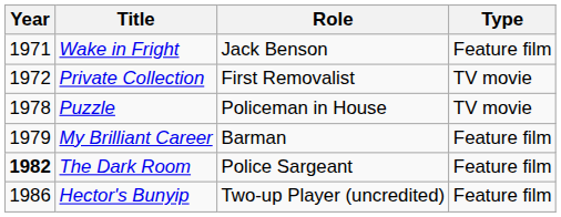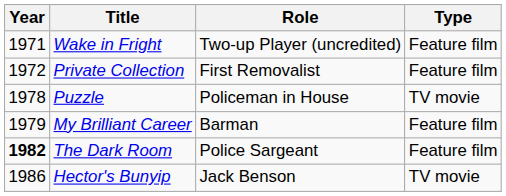 <table class="wikitable">
 <tr>
 <th>Year</th>
 <th>Title</th>
 <th>Role</th>
 <th>Type</th>
 </tr>
 <tr>
 <td>1971</td>
 <td><em><a href='#'>Wake in Fright</a></em></td>
-<td>Jack Benson</td>
+<td>Two-up Player (uncredited)</td>
 <td>Feature film</td>
 </tr>
 <tr>
 <td>1972</td>
 <td><em><a href='#'>Private Collection</a></em></td>
 <td>First Removalist</td>
-<td>TV movie</td>
+<td>Feature film</td>
 </tr>
 <tr>
 <td>1978</td>
 <td><em><a href='#'>Puzzle</a></em></td>
 <td>Policeman in House</td>
 <td>TV movie</td>
 </tr>
 <tr>
 <td>1979</td>
 <td><em><a href='#'>My Brilliant Career</a></em></td>
 <td>Barman</td>
 <td>Feature film</td>
 </tr>
 <tr>
 <td><strong>1982</strong></td>
 <td><em><a href='#'>The Dark Room</a></em></td>
 <td>Police Sargeant</td>
 <td>Feature film</td>
 </tr>
 <tr>
 <td>1986</td>
 <td><em><a href='#'>Hector's Bunyip</a></em></td>
-<td>Two-up Player (uncredited)</td>
-<td>Feature film</td>
+<td>Jack Benson</td>
+<td>TV movie</td>
 </tr>
 </table>
